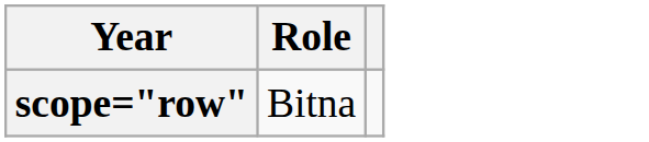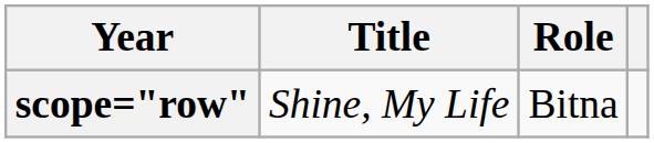 <table class="wikitable plainrowheaders sortable">
 <tr>
 <th scope="col">Year</th>
+<th scope="col">Title</th>
 <th scope="col">Role</th>
 <th scope="col" class="unsortable"></th>
 </tr>
 <tr>
 <th>scope="row" </th>
+<td><em>Shine, My Life</em></td>
 <td>Bitna</td>
 <td style="text-align:center"></td>
 </tr>
 </table>
